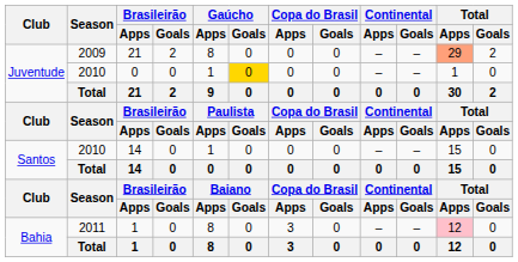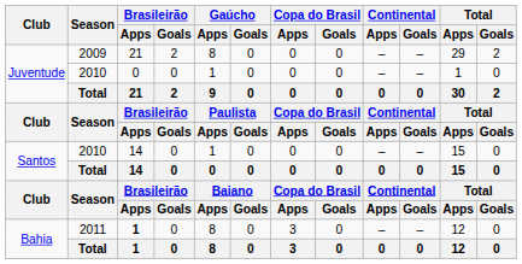 <table class="wikitable" style="font-size:90%; text-align: center">
 <tr>
 <th rowspan=2>Club</th>
 <th rowspan=2>Season</th>
 <th colspan=2><a href='#'>Brasileirão</a></th>
 <th colspan=2><a href='#'>Gaúcho</a></th>
 <th colspan=2><a href='#'>Copa do Brasil</a></th>
 <th colspan=2><a href='#'>Continental</a></th>
 <th colspan=2>Total</th>
 </tr>
 <tr>
 <th>Apps</th>
 <th>Goals</th>
 <th>Apps</th>
 <th>Goals</th>
 <th>Apps</th>
 <th>Goals</th>
 <th>Apps</th>
 <th>Goals</th>
 <th>Apps</th>
 <th>Goals</th>
 </tr>
 <tr>
 <td rowspan=3><a href='#'>Juventude</a></td>
 <td>2009</td>
 <td>21</td>
 <td>2</td>
 <td>8</td>
 <td>0</td>
 <td>0</td>
 <td>0</td>
 <td>–</td>
 <td>–</td>
-<td style="background: lightsalmon;">29</td>
+<td>29</td>
 <td>2</td>
 </tr>
 <tr>
 <td>2010</td>
 <td>0</td>
 <td>0</td>
 <td>1</td>
-<td style="background: gold;">0</td>
+<td>0</td>
 <td>0</td>
 <td>0</td>
 <td>–</td>
 <td>–</td>
 <td>1</td>
 <td>0</td>
 </tr>
 <tr>
 <th>Total</th>
 <th>21</th>
 <th>2</th>
 <th>9</th>
 <th>0</th>
 <th>0</th>
 <th>0</th>
 <th>0</th>
 <th>0</th>
 <th>30</th>
 <th>2</th>
 </tr>
 <tr>
 <th rowspan=2>Club</th>
 <th rowspan=2>Season</th>
 <th colspan=2><a href='#'>Brasileirão</a></th>
 <th colspan=2><a href='#'>Paulista</a></th>
 <th colspan=2><a href='#'>Copa do Brasil</a></th>
 <th colspan=2><a href='#'>Continental</a></th>
 <th colspan=2>Total</th>
 </tr>
 <tr>
 <th>Apps</th>
 <th>Goals</th>
 <th>Apps</th>
 <th>Goals</th>
 <th>Apps</th>
 <th>Goals</th>
 <th>Apps</th>
 <th>Goals</th>
 <th>Apps</th>
 <th>Goals</th>
 </tr>
 <tr>
 <td rowspan=2><a href='#'>Santos</a></td>
 <td>2010</td>
 <td>14</td>
 <td>0</td>
 <td>1</td>
 <td>0</td>
 <td>0</td>
 <td>0</td>
 <td>–</td>
 <td>–</td>
 <td>15</td>
 <td>0</td>
 </tr>
 <tr>
 <th>Total</th>
 <th>14</th>
 <th>0</th>
 <th>0</th>
 <th>0</th>
 <th>0</th>
 <th>0</th>
 <th>0</th>
 <th>0</th>
 <th>15</th>
 <th>0</th>
 </tr>
 <tr>
 <th rowspan=2>Club</th>
 <th rowspan=2>Season</th>
 <th colspan=2><a href='#'>Brasileirão</a></th>
 <th colspan=2><a href='#'>Baiano</a></th>
 <th colspan=2><a href='#'>Copa do Brasil</a></th>
 <th colspan=2><a href='#'>Continental</a></th>
 <th colspan=2>Total</th>
 </tr>
 <tr>
 <th>Apps</th>
 <th>Goals</th>
 <th>Apps</th>
 <th>Goals</th>
 <th>Apps</th>
 <th>Goals</th>
 <th>Apps</th>
 <th>Goals</th>
 <th>Apps</th>
 <th>Goals</th>
 </tr>
 <tr>
 <td rowspan=2><a href='#'>Bahia</a></td>
 <td>2011</td>
-<td>1</td>
+<td><strong>1</strong></td>
 <td>0</td>
 <td>8</td>
 <td>0</td>
 <td>3</td>
 <td>0</td>
 <td>–</td>
 <td>–</td>
-<td style="background: pink;">12</td>
+<td>12</td>
 <td>0</td>
 </tr>
 <tr>
 <th>Total</th>
 <th>1</th>
 <th>0</th>
 <th>8</th>
 <th>0</th>
 <th>3</th>
 <th>0</th>
 <th>0</th>
 <th>0</th>
 <th>12</th>
 <th>0</th>
 </tr>
 </table>
